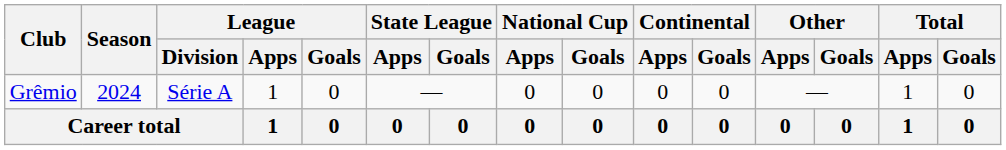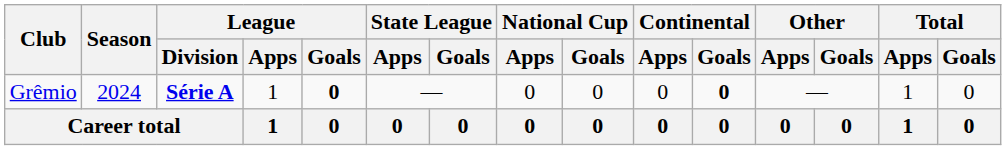 <table class="wikitable" style="text-align:center">
 <tr>
 <th rowspan="2">Club</th>
 <th rowspan="2">Season</th>
 <th colspan="3">League</th>
 <th colspan="2">State League</th>
 <th colspan="2">National Cup</th>
 <th colspan="2">Continental</th>
 <th colspan="2">Other</th>
 <th colspan="2">Total</th>
 </tr>
 <tr>
 <th>Division</th>
 <th>Apps</th>
 <th>Goals</th>
 <th>Apps</th>
 <th>Goals</th>
 <th>Apps</th>
 <th>Goals</th>
 <th>Apps</th>
 <th>Goals</th>
 <th>Apps</th>
 <th>Goals</th>
 <th>Apps</th>
 <th>Goals</th>
 </tr>
 <tr>
 <td><a href='#'>Grêmio</a></td>
 <td><a href='#'>2024</a></td>
-<td><a href='#'>Série A</a></td>
+<td><strong><a href='#'>Série A</a></strong></td>
 <td>1</td>
-<td>0</td>
+<td><strong>0</strong></td>
 <td colspan="2">—</td>
 <td>0</td>
 <td>0</td>
 <td>0</td>
-<td>0</td>
+<td><strong>0</strong></td>
 <td colspan="2">—</td>
 <td>1</td>
 <td>0</td>
 </tr>
 <tr>
 <th colspan="3">Career total</th>
 <th>1</th>
 <th>0</th>
 <th>0</th>
 <th>0</th>
 <th>0</th>
 <th>0</th>
 <th>0</th>
 <th>0</th>
 <th>0</th>
 <th>0</th>
 <th>1</th>
 <th>0</th>
 </tr>
 </table>
